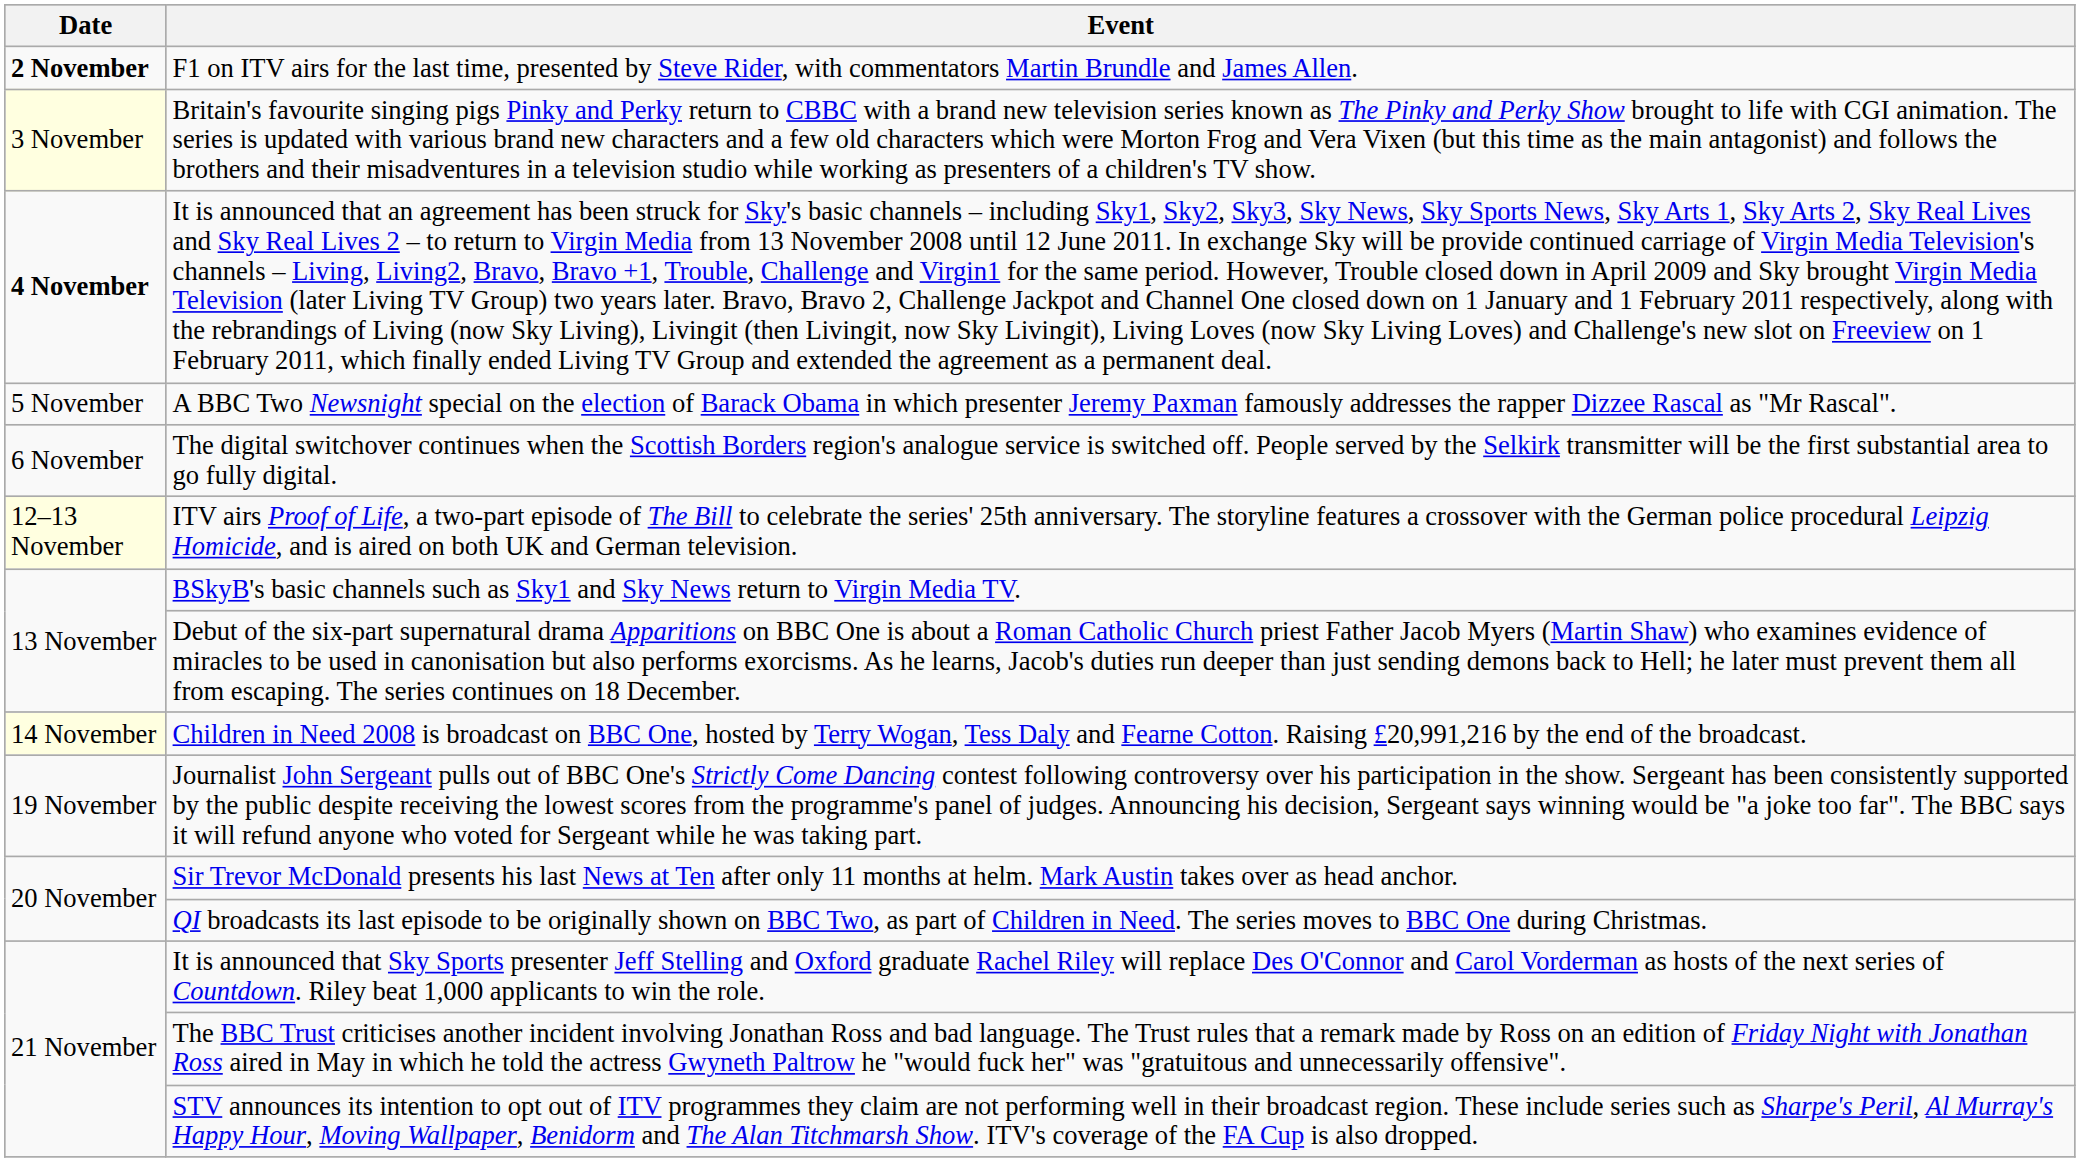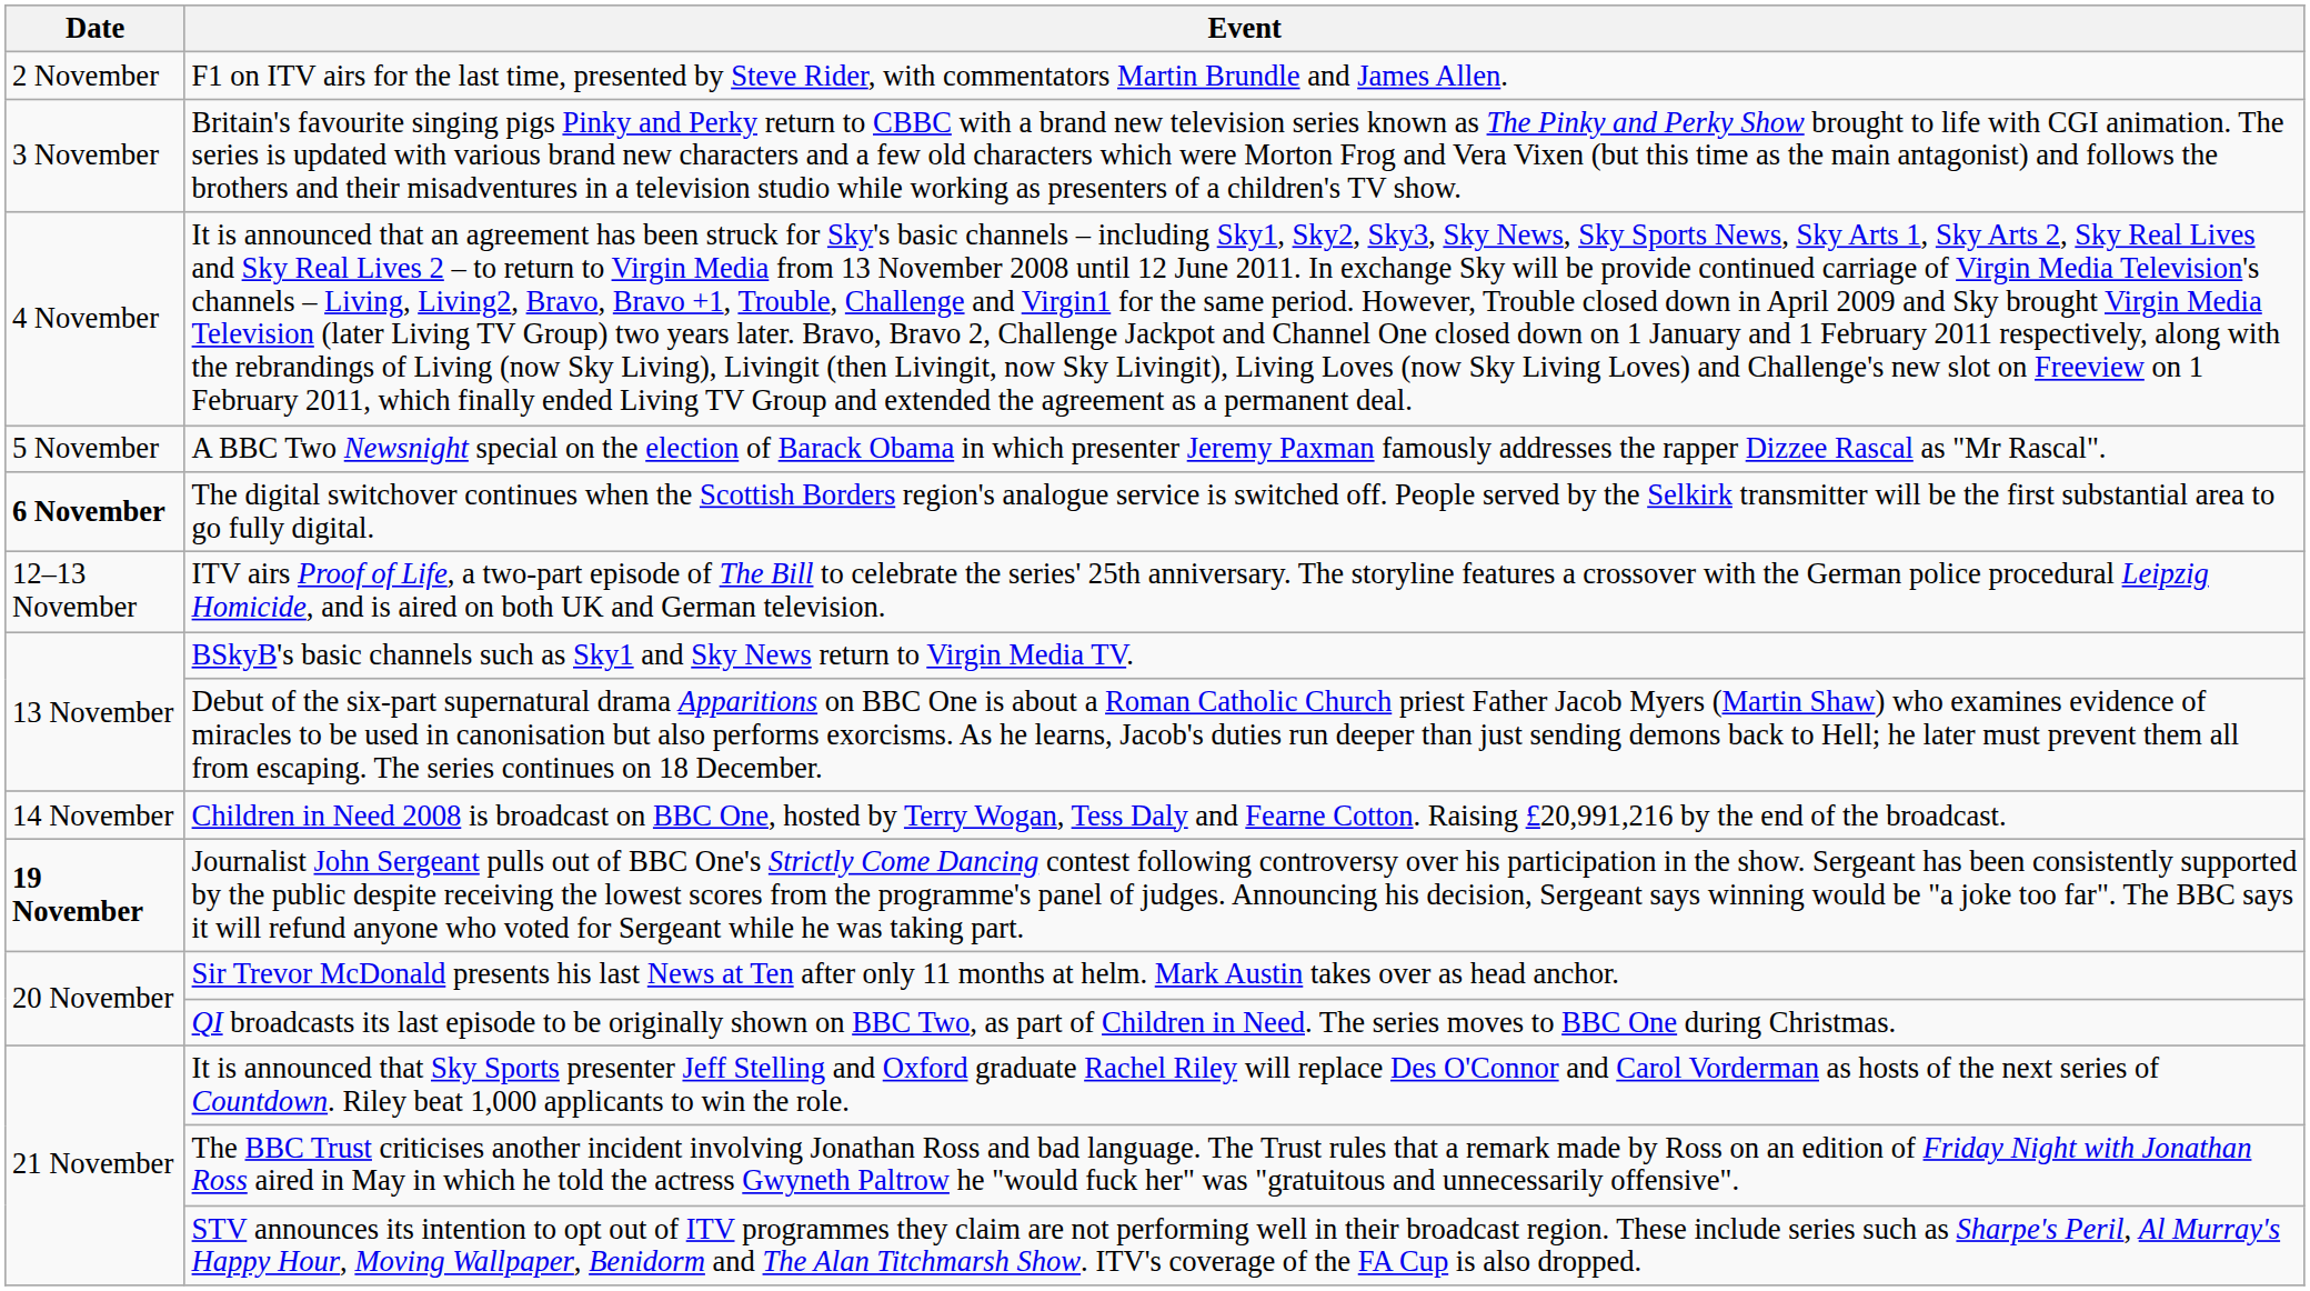 <table class="wikitable">
 <tr>
 <th width=90>Date</th>
 <th>Event</th>
 </tr>
 <tr>
-<td><strong>2 November</strong></td>
+<td>2 November</td>
 <td>F1 on ITV airs for the last time, presented by <a href='#'>Steve Rider</a>, with commentators <a href='#'>Martin Brundle</a> and <a href='#'>James Allen</a>.</td>
 </tr>
 <tr>
-<td style="background: lightyellow;">3 November</td>
+<td>3 November</td>
 <td>Britain's favourite singing pigs <a href='#'>Pinky and Perky</a> return to <a href='#'>CBBC</a> with a brand new television series known as <em><a href='#'>The Pinky and Perky Show</a></em> brought to life with CGI animation. The series is updated with various brand new characters and a few old characters which were Morton Frog and Vera Vixen (but this time as the main antagonist) and follows the brothers and their misadventures in a television studio while working as presenters of a children's TV show.</td>
 </tr>
 <tr>
-<td><strong>4 November</strong></td>
+<td>4 November</td>
 <td>It is announced that an agreement has been struck for <a href='#'>Sky</a>'s basic channels – including <a href='#'>Sky1</a>, <a href='#'>Sky2</a>, <a href='#'>Sky3</a>, <a href='#'>Sky News</a>, <a href='#'>Sky Sports News</a>, <a href='#'>Sky Arts 1</a>, <a href='#'>Sky Arts 2</a>, <a href='#'>Sky Real Lives</a> and <a href='#'>Sky Real Lives 2</a> – to return to <a href='#'>Virgin Media</a> from 13 November 2008 until 12 June 2011. In exchange Sky will be provide continued carriage of <a href='#'>Virgin Media Television</a>'s channels – <a href='#'>Living</a>, <a href='#'>Living2</a>, <a href='#'>Bravo</a>, <a href='#'>Bravo +1</a>, <a href='#'>Trouble</a>, <a href='#'>Challenge</a> and <a href='#'>Virgin1</a> for the same period. However, Trouble closed down in April 2009 and Sky brought <a href='#'>Virgin Media Television</a> (later Living TV Group) two years later. Bravo, Bravo 2, Challenge Jackpot and Channel One closed down on 1 January and 1 February 2011 respectively, along with the rebrandings of Living (now Sky Living), Livingit (then Livingit, now Sky Livingit), Living Loves (now Sky Living Loves) and Challenge's new slot on <a href='#'>Freeview</a> on 1 February 2011, which finally ended Living TV Group and extended the agreement as a permanent deal.</td>
 </tr>
 <tr>
 <td>5 November</td>
 <td>A BBC Two <em><a href='#'>Newsnight</a></em> special on the <a href='#'>election</a> of <a href='#'>Barack Obama</a> in which presenter <a href='#'>Jeremy Paxman</a> famously addresses the rapper <a href='#'>Dizzee Rascal</a> as "Mr Rascal".</td>
 </tr>
 <tr>
-<td>6 November</td>
+<td><strong>6 November</strong></td>
 <td>The digital switchover continues when the <a href='#'>Scottish Borders</a> region's analogue service is switched off. People served by the <a href='#'>Selkirk</a> transmitter will be the first substantial area to go fully digital.</td>
 </tr>
 <tr>
-<td style="background: lightyellow;">12–13 November</td>
+<td>12–13 November</td>
 <td>ITV airs <em><a href='#'>Proof of Life</a></em>, a two-part episode of <em><a href='#'>The Bill</a></em> to celebrate the series' 25th anniversary. The storyline features a crossover with the German police procedural <em><a href='#'>Leipzig Homicide</a></em>, and is aired on both UK and German television.</td>
 </tr>
 <tr>
 <td rowspan=2>13 November</td>
 <td><a href='#'>BSkyB</a>'s basic channels such as <a href='#'>Sky1</a> and <a href='#'>Sky News</a> return to <a href='#'>Virgin Media TV</a>.</td>
 </tr>
 <tr>
 <td>Debut of the six-part supernatural drama <em><a href='#'>Apparitions</a></em> on BBC One is about a <a href='#'>Roman Catholic Church</a> priest Father Jacob Myers (<a href='#'>Martin Shaw</a>) who examines evidence of miracles to be used in canonisation but also performs exorcisms. As he learns, Jacob's duties run deeper than just sending demons back to Hell; he later must prevent them all from escaping. The series continues on 18 December.</td>
 </tr>
 <tr>
-<td style="background: lightyellow;">14 November</td>
+<td>14 November</td>
 <td><a href='#'>Children in Need 2008</a> is broadcast on <a href='#'>BBC One</a>, hosted by <a href='#'>Terry Wogan</a>, <a href='#'>Tess Daly</a> and <a href='#'>Fearne Cotton</a>. Raising <a href='#'>£</a>20,991,216 by the end of the broadcast.</td>
 </tr>
 <tr>
-<td>19 November</td>
+<td><strong>19 November</strong></td>
 <td>Journalist <a href='#'>John Sergeant</a> pulls out of BBC One's <em><a href='#'>Strictly Come Dancing</a></em> contest following controversy over his participation in the show. Sergeant has been consistently supported by the public despite receiving the lowest scores from the programme's panel of judges. Announcing his decision, Sergeant says winning would be "a joke too far". The BBC says it will refund anyone who voted for Sergeant while he was taking part.</td>
 </tr>
 <tr>
 <td rowspan=2>20 November</td>
 <td><a href='#'>Sir Trevor McDonald</a> presents his last <a href='#'>News at Ten</a> after only 11 months at helm. <a href='#'>Mark Austin</a> takes over as head anchor.</td>
 </tr>
 <tr>
 <td><em><a href='#'>QI</a></em> broadcasts its last episode to be originally shown on <a href='#'>BBC Two</a>, as part of <a href='#'>Children in Need</a>. The series moves to <a href='#'>BBC One</a> during Christmas.</td>
 </tr>
 <tr>
 <td rowspan=3>21 November</td>
 <td>It is announced that <a href='#'>Sky Sports</a> presenter <a href='#'>Jeff Stelling</a> and <a href='#'>Oxford</a> graduate <a href='#'>Rachel Riley</a> will replace <a href='#'>Des O'Connor</a> and <a href='#'>Carol Vorderman</a> as hosts of the next series of <em><a href='#'>Countdown</a></em>. Riley beat 1,000 applicants to win the role.</td>
 </tr>
 <tr>
 <td>The <a href='#'>BBC Trust</a> criticises another incident involving Jonathan Ross and bad language. The Trust rules that a remark made by Ross on an edition of <em><a href='#'>Friday Night with Jonathan Ross</a></em> aired in May in which he told the actress <a href='#'>Gwyneth Paltrow</a> he "would fuck her" was "gratuitous and unnecessarily offensive".</td>
 </tr>
 <tr>
 <td><a href='#'>STV</a> announces its intention to opt out of <a href='#'>ITV</a> programmes they claim are not performing well in their broadcast region. These include series such as <em><a href='#'>Sharpe's Peril</a></em>, <em><a href='#'>Al Murray's Happy Hour</a></em>, <em><a href='#'>Moving Wallpaper</a></em>, <em><a href='#'>Benidorm</a></em> and <em><a href='#'>The Alan Titchmarsh Show</a></em>. ITV's coverage of the <a href='#'>FA Cup</a> is also dropped.</td>
 </tr>
 </table>
